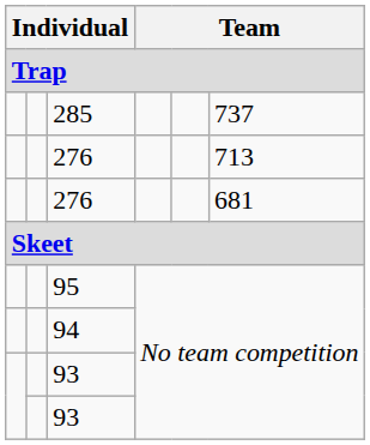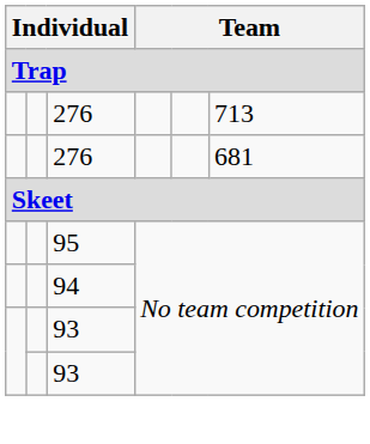 <table class="wikitable" style="font-size: 95%">
 <tr>
 <th colspan=3>Individual</th>
 <th colspan=3>Team</th>
 </tr>
 <tr>
 <td colspan=6 style="background:#dcdcdc"><strong><a href='#'>Trap</a></strong></td>
-</tr>
-<tr>
-<td></td>
-<td></td>
-<td>285</td>
-<td></td>
-<td></td>
-<td>737</td>
 </tr>
 <tr>
 <td></td>
 <td></td>
 <td>276</td>
 <td></td>
 <td></td>
 <td>713</td>
 </tr>
 <tr>
 <td></td>
 <td></td>
 <td>276</td>
 <td></td>
 <td></td>
 <td>681</td>
 </tr>
 <tr>
 <td colspan=6 style="background:#dcdcdc"><strong><a href='#'>Skeet</a></strong></td>
 </tr>
 <tr>
 <td></td>
 <td></td>
 <td>95</td>
 <td colspan=3 rowspan=4 style="text-align: center"><em>No team competition</em></td>
 </tr>
 <tr>
 <td></td>
 <td></td>
 <td>94</td>
 </tr>
 <tr>
 <td rowspan=2></td>
 <td></td>
 <td>93</td>
 </tr>
 <tr>
 <td></td>
 <td>93</td>
 </tr>
 </table>
